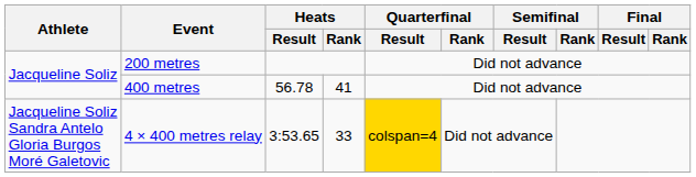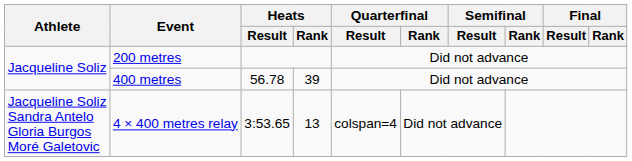 <table class="wikitable" style="font-size:90%">
 <tr>
 <th rowspan="2">Athlete</th>
 <th rowspan="2">Event</th>
 <th colspan="2">Heats</th>
 <th colspan="2">Quarterfinal</th>
 <th colspan="2">Semifinal</th>
 <th colspan="2">Final</th>
 </tr>
 <tr style="font-size:95%">
 <th>Result</th>
 <th>Rank</th>
 <th>Result</th>
 <th>Rank</th>
 <th>Result</th>
 <th>Rank</th>
 <th>Result</th>
 <th>Rank</th>
 </tr>
 <tr align=center>
 <td align=left rowspan=2><a href='#'>Jacqueline Soliz</a></td>
 <td align=left><a href='#'>200 metres</a></td>
 <td colspan=2></td>
 <td colspan=6>Did not advance</td>
 </tr>
 <tr align=center>
 <td align=left><a href='#'>400 metres</a></td>
 <td>56.78</td>
-<td>41</td>
+<td>39</td>
 <td colspan=6>Did not advance</td>
 </tr>
 <tr align=center>
 <td align=left><a href='#'>Jacqueline Soliz</a><br><a href='#'>Sandra Antelo</a><br><a href='#'>Gloria Burgos</a><br><a href='#'>Moré Galetovic</a></td>
 <td align=left><a href='#'>4 × 400 metres relay</a></td>
 <td>3:53.65</td>
-<td>33</td>
-<td style="background: gold;">colspan=4</td>
+<td>13</td>
+<td>colspan=4</td>
 <td colspan=2>Did not advance</td>
 </tr>
 </table>
